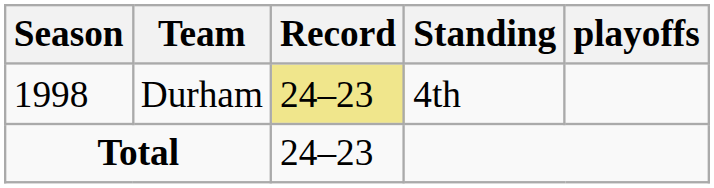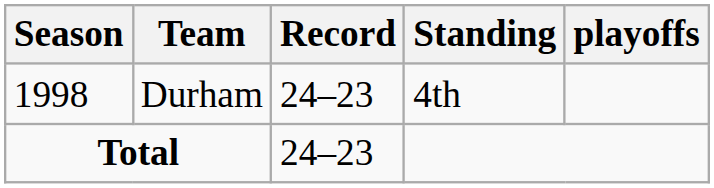 <table class="wikitable">
 <tr>
 <th>Season</th>
 <th>Team</th>
 <th>Record</th>
 <th>Standing</th>
 <th>playoffs</th>
 </tr>
 <tr>
 <td>1998</td>
 <td>Durham</td>
-<td style="background: khaki;">24–23</td>
+<td>24–23</td>
 <td>4th</td>
 <td></td>
 </tr>
 <tr>
 <td colspan="2" align="center"><strong>Total</strong></td>
 <td>24–23</td>
 <td colspan="2" align="center"></td>
 </tr>
 </table>
